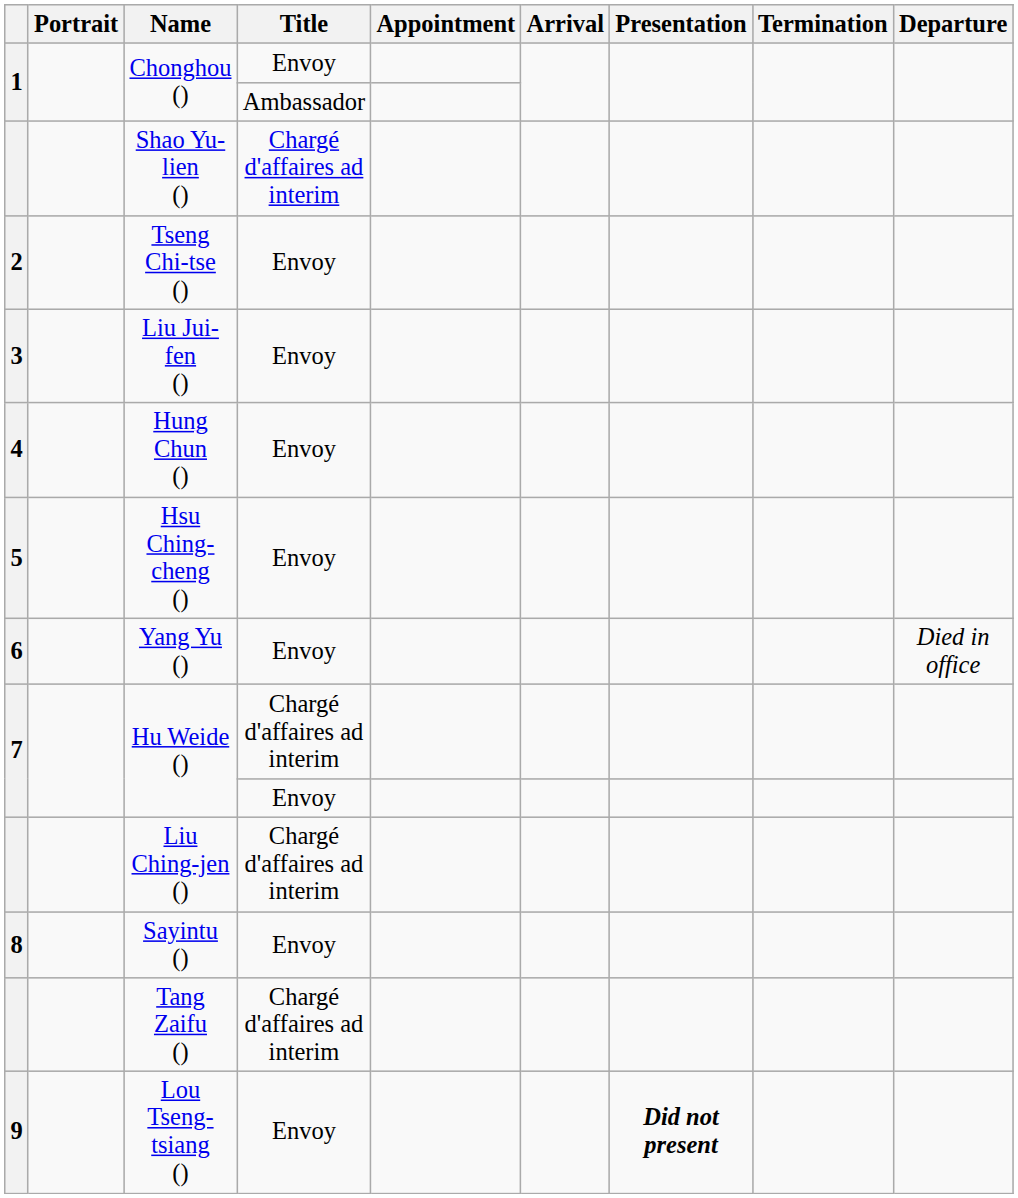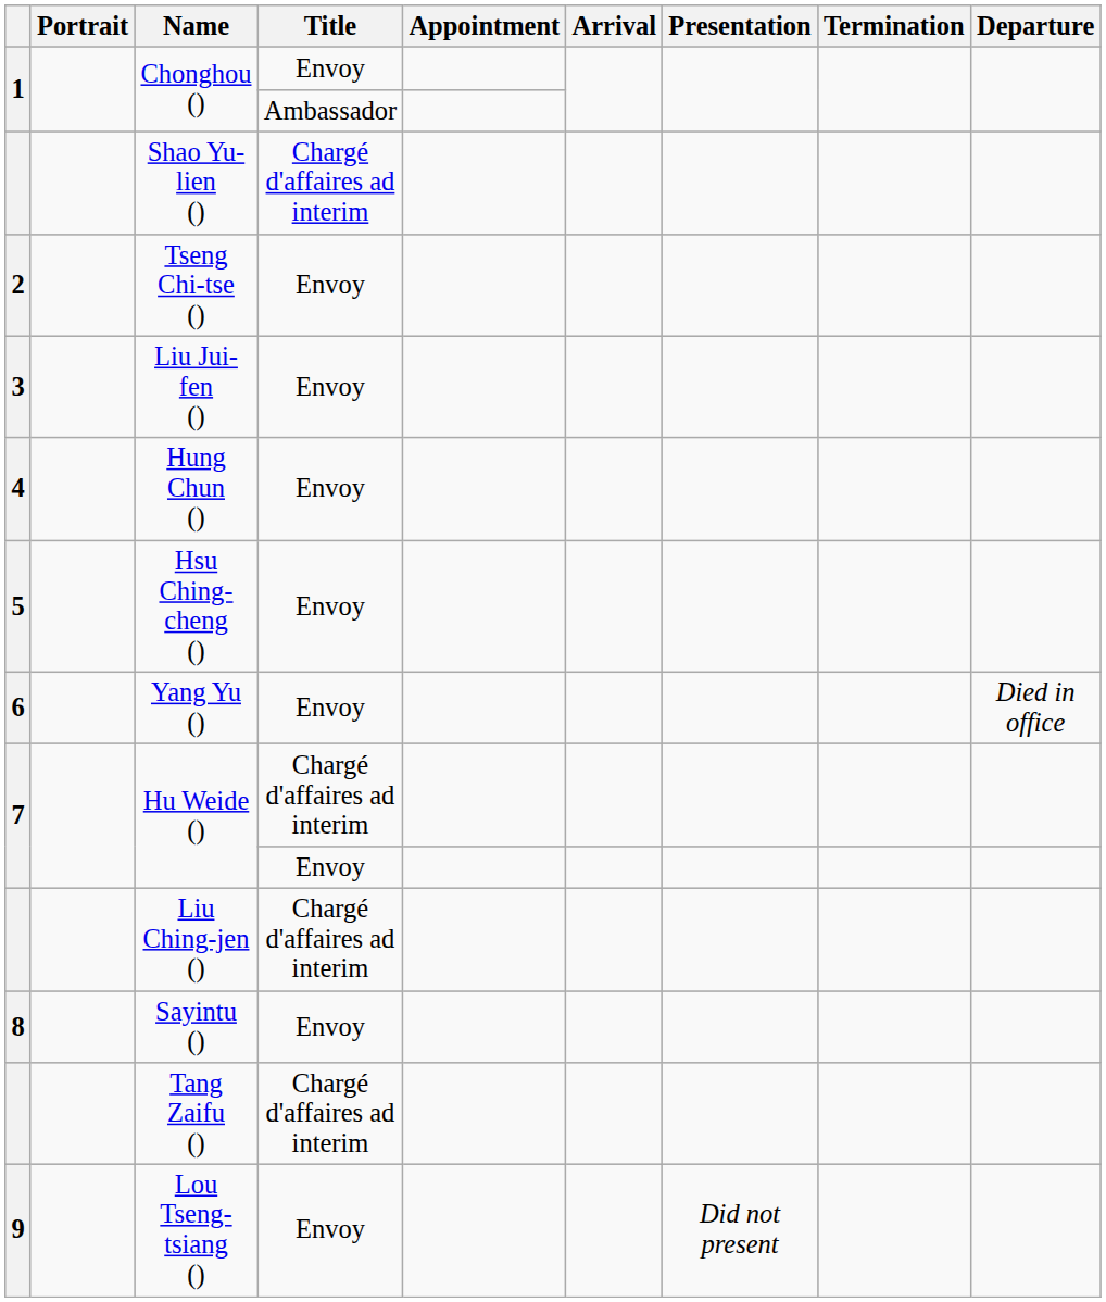 <table class="wikitable sortable" style="text-align:center;">
 <tr>
 <th></th>
 <th class="unsortable">Portrait</th>
 <th>Name</th>
 <th>Title</th>
 <th>Appointment</th>
 <th>Arrival</th>
 <th>Presentation</th>
 <th>Termination</th>
 <th>Departure</th>
 </tr>
 <tr>
 <th scope=row rowspan=2>1</th>
 <td rowspan=2></td>
 <td rowspan=2><a href='#'>Chonghou</a><br>()</td>
 <td>Envoy</td>
 <td></td>
 <td rowspan=2></td>
 <td rowspan=2></td>
 <td rowspan=2></td>
 <td rowspan=2></td>
 </tr>
 <tr>
 <td>Ambassador</td>
 <td></td>
 </tr>
 <tr>
 <th scope=row></th>
 <td></td>
 <td><a href='#'>Shao Yu-lien</a><br>()</td>
 <td><a href='#'>Chargé d'affaires ad interim</a></td>
 <td></td>
 <td></td>
 <td></td>
 <td></td>
 <td></td>
 </tr>
 <tr>
 <th scope=row>2</th>
 <td></td>
 <td><a href='#'>Tseng Chi-tse</a><br>()</td>
 <td>Envoy</td>
 <td></td>
 <td></td>
 <td></td>
 <td></td>
 <td></td>
 </tr>
 <tr>
 <th scope=row>3</th>
 <td></td>
 <td><a href='#'>Liu Jui-fen</a><br>()</td>
 <td>Envoy</td>
 <td></td>
 <td></td>
 <td></td>
 <td></td>
 <td></td>
 </tr>
 <tr>
 <th scope=row>4</th>
 <td></td>
 <td><a href='#'>Hung Chun</a><br>()</td>
 <td>Envoy</td>
 <td></td>
 <td></td>
 <td></td>
 <td></td>
 <td></td>
 </tr>
 <tr>
 <th scope=row>5</th>
 <td></td>
 <td><a href='#'>Hsu Ching-cheng</a><br>()</td>
 <td>Envoy</td>
 <td></td>
 <td></td>
 <td></td>
 <td></td>
 <td></td>
 </tr>
 <tr>
 <th scope=row>6</th>
 <td></td>
 <td><a href='#'>Yang Yu</a><br>()</td>
 <td>Envoy</td>
 <td></td>
 <td></td>
 <td></td>
 <td></td>
 <td><em>Died in office</em></td>
 </tr>
 <tr>
 <th scope=row rowspan=2>7</th>
 <td rowspan=2></td>
 <td rowspan=2><a href='#'>Hu Weide</a><br>()</td>
 <td>Chargé d'affaires ad interim</td>
 <td></td>
 <td></td>
 <td></td>
 <td></td>
 <td></td>
 </tr>
 <tr>
 <td>Envoy</td>
 <td></td>
 <td></td>
 <td></td>
 <td></td>
 <td></td>
 </tr>
 <tr>
 <th scope=row></th>
 <td></td>
 <td><a href='#'>Liu Ching-jen</a><br>()</td>
 <td>Chargé d'affaires ad interim</td>
 <td></td>
 <td></td>
 <td></td>
 <td></td>
 <td></td>
 </tr>
 <tr>
 <th scope=row>8</th>
 <td></td>
 <td><a href='#'>Sayintu</a><br>()</td>
 <td>Envoy</td>
 <td></td>
 <td></td>
 <td></td>
 <td></td>
 <td></td>
 </tr>
 <tr>
 <th scope=row></th>
 <td></td>
 <td><a href='#'>Tang Zaifu</a><br>()</td>
 <td>Chargé d'affaires ad interim</td>
 <td></td>
 <td></td>
 <td></td>
 <td></td>
 <td></td>
 </tr>
 <tr>
 <th scope=row>9</th>
 <td></td>
 <td><a href='#'>Lou Tseng-tsiang</a><br>()</td>
 <td>Envoy</td>
 <td></td>
 <td></td>
-<td><strong><em>Did not present</em></strong></td>
+<td><em>Did not present</em></td>
 <td></td>
 <td></td>
 </tr>
 </table>
